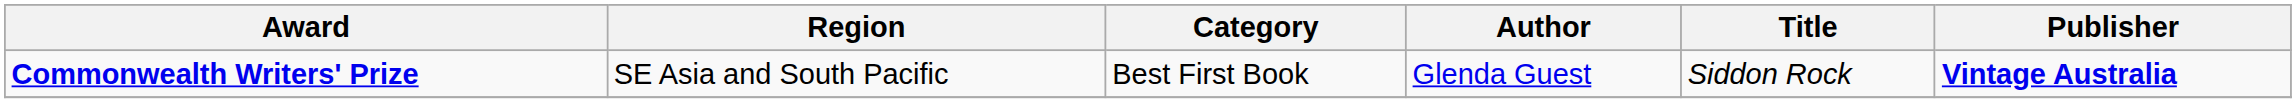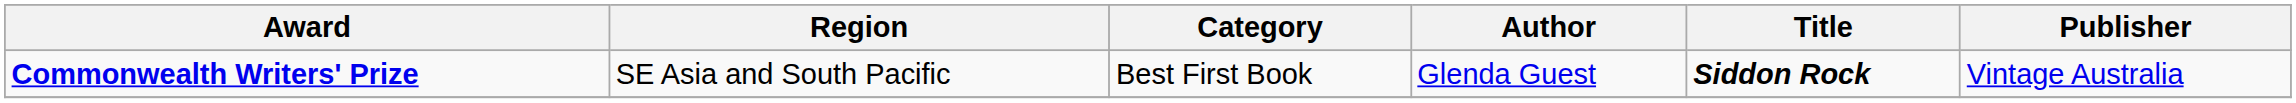 <table class="wikitable" width=100%>
 <tr>
 <th>Award</th>
 <th>Region</th>
 <th>Category</th>
 <th>Author</th>
 <th>Title</th>
 <th>Publisher</th>
 </tr>
 <tr>
 <td><strong><a href='#'>Commonwealth Writers' Prize</a></strong></td>
 <td>SE Asia and South Pacific</td>
 <td>Best First Book</td>
 <td><a href='#'>Glenda Guest</a></td>
-<td><em>Siddon Rock</em></td>
-<td><strong><a href='#'>Vintage Australia</a></strong></td>
+<td><strong><em>Siddon Rock</em></strong></td>
+<td><a href='#'>Vintage Australia</a></td>
 </tr>
 <tr>
 </tr>
 </table>
